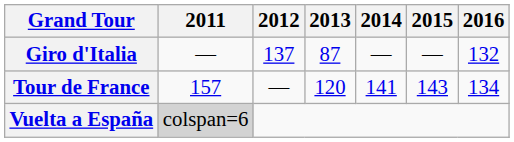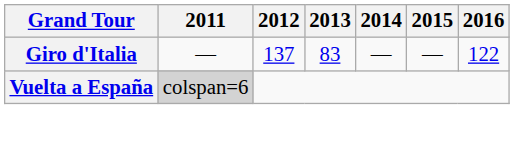 <table class="wikitable plainrowheaders">
 <tr>
 <th scope="col"><a href='#'>Grand Tour</a></th>
 <th scope="col">2011</th>
 <th scope="col">2012</th>
 <th scope="col">2013</th>
 <th scope="col">2014</th>
 <th scope="col">2015</th>
 <th scope="col">2016</th>
 </tr>
 <tr style="text-align:center;">
 <th scope="row"> <a href='#'>Giro d'Italia</a></th>
 <td>—</td>
 <td><a href='#'>137</a></td>
-<td><a href='#'>87</a></td>
+<td><a href='#'>83</a></td>
 <td>—</td>
 <td>—</td>
-<td><a href='#'>132</a></td>
-</tr>
-<tr style="text-align:center;">
-<th scope="row"> <a href='#'>Tour de France</a></th>
-<td><a href='#'>157</a></td>
-<td>—</td>
-<td><a href='#'>120</a></td>
-<td><a href='#'>141</a></td>
-<td><a href='#'>143</a></td>
-<td><a href='#'>134</a></td>
+<td><a href='#'>122</a></td>
 </tr>
 <tr style="text-align:center;">
 <th scope="row"> <a href='#'>Vuelta a España</a></th>
 <td style="background: lightgrey;">colspan=6 </td>
 </tr>
 </table>
